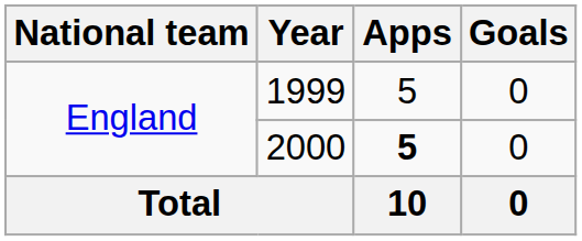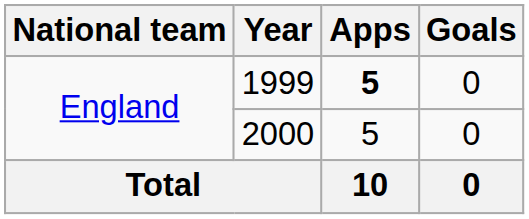 <table class=wikitable style=text-align:center>
 <tr>
 <th>National team</th>
 <th>Year</th>
 <th>Apps</th>
 <th>Goals</th>
 </tr>
 <tr>
 <td rowspan="2"><a href='#'>England</a></td>
 <td>1999</td>
-<td>5</td>
+<td><strong>5</strong></td>
 <td>0</td>
 </tr>
 <tr>
 <td>2000</td>
-<td><strong>5</strong></td>
+<td>5</td>
 <td>0</td>
 </tr>
 <tr>
 <th colspan="2">Total</th>
 <th>10</th>
 <th>0</th>
 </tr>
 </table>
